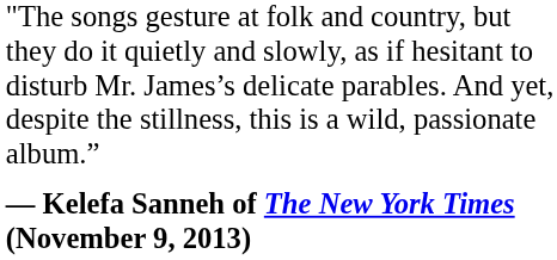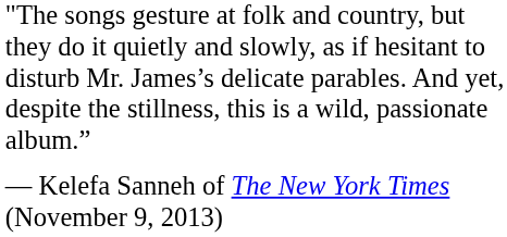 <table class="toccolours" style="float: left; margin-left: 0em; margin-right: 2em; font-size: 85%; background:offwhite; color:black; width:20em; max-width: 40%;" cellspacing="5">
 <tr>
 <td style="text-align: left;">"The songs gesture at folk and country, but they do it quietly and slowly, as if hesitant to disturb Mr. James’s delicate parables. And yet, despite the stillness, this is a wild, passionate album.”</td>
 </tr>
 <tr>
-<td style="text-align: left;"><strong>— Kelefa Sanneh of <em><a href='#'>The New York Times</a></em> (November 9, 2013)</strong></td>
+<td style="text-align: left;">— Kelefa Sanneh of <em><a href='#'>The New York Times</a></em> (November 9, 2013)</td>
 </tr>
 </table>
